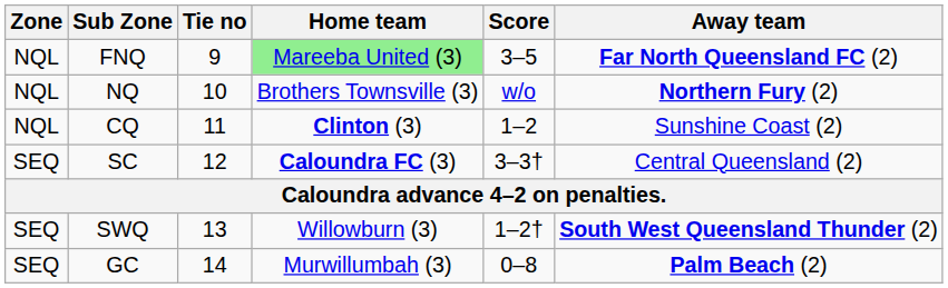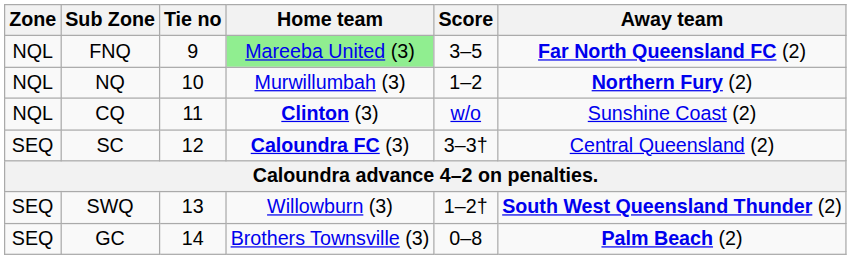 <table class="wikitable" style="text-align:center">
 <tr>
 <th>Zone</th>
 <th>Sub Zone</th>
 <th>Tie no</th>
 <th>Home team</th>
 <th>Score</th>
 <th>Away team</th>
 </tr>
 <tr>
 <td>NQL</td>
 <td>FNQ</td>
 <td>9</td>
 <td style="background: lightgreen;"><a href='#'>Mareeba United</a> (3)</td>
 <td>3–5</td>
 <td><strong><a href='#'>Far North Queensland FC</a></strong> (2)</td>
 </tr>
 <tr>
 <td>NQL</td>
 <td>NQ</td>
 <td>10</td>
-<td><a href='#'>Brothers Townsville</a> (3)</td>
-<td><a href='#'>w/o</a></td>
+<td><a href='#'>Murwillumbah</a> (3)</td>
+<td>1–2</td>
 <td><strong><a href='#'>Northern Fury</a></strong> (2)</td>
 </tr>
 <tr>
 <td>NQL</td>
 <td>CQ</td>
 <td>11</td>
 <td><strong><a href='#'>Clinton</a></strong> (3)</td>
-<td>1–2</td>
+<td><a href='#'>w/o</a></td>
 <td><a href='#'>Sunshine Coast</a> (2)</td>
 </tr>
 <tr>
 <td>SEQ</td>
 <td>SC</td>
 <td>12</td>
 <td><strong><a href='#'>Caloundra FC</a></strong> (3)</td>
 <td>3–3†</td>
 <td><a href='#'>Central Queensland</a> (2)</td>
 </tr>
 <tr>
 <th colspan=6>Caloundra advance 4–2 on penalties.</th>
 </tr>
 <tr>
 <td>SEQ</td>
 <td>SWQ</td>
 <td>13</td>
 <td><a href='#'>Willowburn</a> (3)</td>
 <td>1–2†</td>
 <td><strong><a href='#'>South West Queensland Thunder</a></strong> (2)</td>
 </tr>
 <tr>
 <td>SEQ</td>
 <td>GC</td>
 <td>14</td>
-<td><a href='#'>Murwillumbah</a> (3)</td>
+<td><a href='#'>Brothers Townsville</a> (3)</td>
 <td>0–8</td>
 <td><strong><a href='#'>Palm Beach</a></strong> (2)</td>
 </tr>
 </table>
